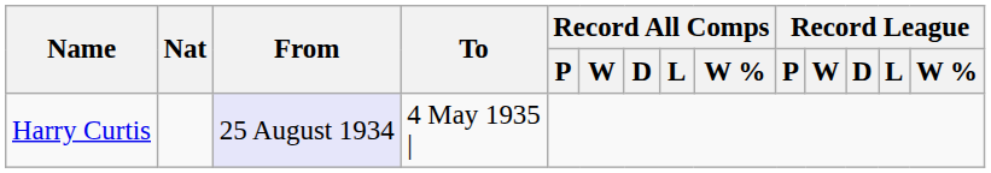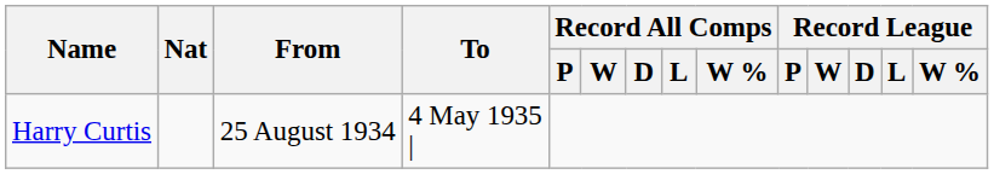 <table class="wikitable" style="text-align: center">
 <tr>
 <th rowspan="2">Name</th>
 <th rowspan="2">Nat</th>
 <th rowspan="2">From</th>
 <th rowspan="2">To</th>
 <th colspan="5">Record All Comps</th>
 <th colspan="5">Record League</th>
 </tr>
 <tr>
 <th>P</th>
 <th>W</th>
 <th>D</th>
 <th>L</th>
 <th>W %</th>
 <th>P</th>
 <th>W</th>
 <th>D</th>
 <th>L</th>
 <th>W %</th>
 </tr>
 <tr>
 <td align=left><a href='#'>Harry Curtis</a></td>
 <td></td>
-<td align=left style="background: lavender;">25 August 1934</td>
+<td align=left>25 August 1934</td>
 <td align=left>4 May 1935<br>|</td>
 </tr>
 </table>
